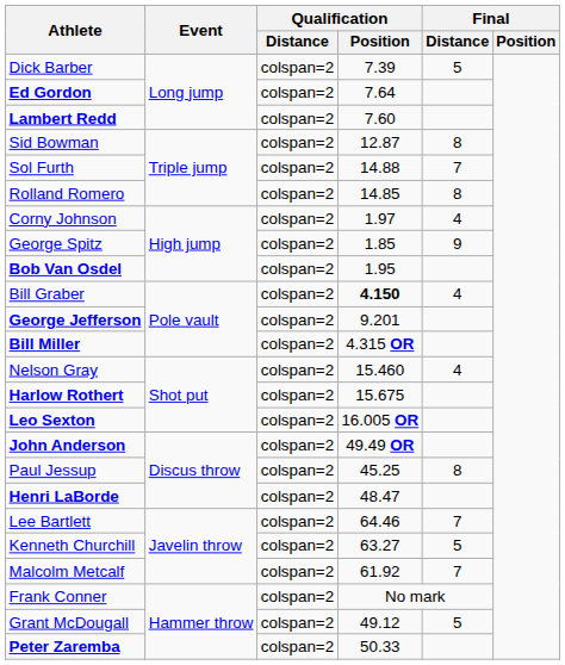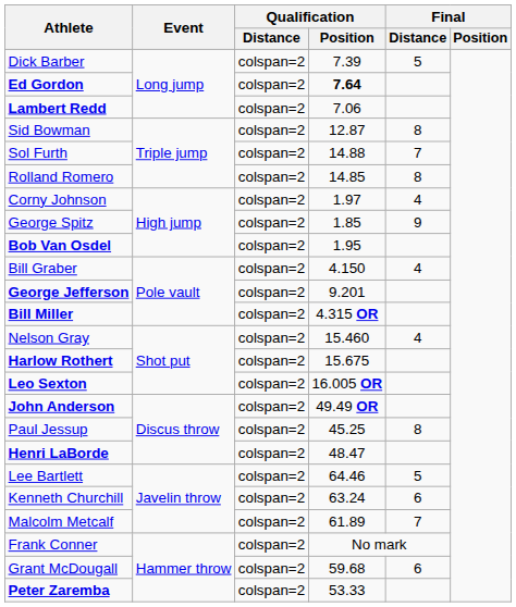 <table class=wikitable style="font-size:90%">
 <tr>
 <th rowspan=2>Athlete</th>
 <th rowspan=2>Event</th>
 <th colspan=2>Qualification</th>
 <th colspan=2>Final</th>
 </tr>
 <tr style="font-size:95%">
 <th>Distance</th>
 <th>Position</th>
 <th>Distance</th>
 <th>Position</th>
 </tr>
 <tr align=center>
 <td align=left><a href='#'>Dick Barber</a></td>
 <td align=left rowspan=3><a href='#'>Long jump</a></td>
 <td>colspan=2 </td>
 <td>7.39</td>
 <td>5</td>
 </tr>
 <tr align=center>
 <td align=left><strong><a href='#'>Ed Gordon</a></strong></td>
 <td>colspan=2 </td>
-<td>7.64</td>
+<td><strong>7.64</strong></td>
 <td></td>
 </tr>
 <tr align=center>
 <td align=left><strong><a href='#'>Lambert Redd</a></strong></td>
 <td>colspan=2 </td>
-<td>7.60</td>
+<td>7.06</td>
 <td></td>
 </tr>
 <tr align=center>
 <td align=left><a href='#'>Sid Bowman</a></td>
 <td align=left rowspan=3><a href='#'>Triple jump</a></td>
 <td>colspan=2 </td>
 <td>12.87</td>
 <td>8</td>
 </tr>
 <tr align=center>
 <td align=left><a href='#'>Sol Furth</a></td>
 <td>colspan=2 </td>
 <td>14.88</td>
 <td>7</td>
 </tr>
 <tr align=center>
 <td align=left><a href='#'>Rolland Romero</a></td>
 <td>colspan=2 </td>
 <td>14.85</td>
 <td>8</td>
 </tr>
 <tr align=center>
 <td align=left><a href='#'>Corny Johnson</a></td>
 <td align=left rowspan=3><a href='#'>High jump</a></td>
 <td>colspan=2 </td>
 <td>1.97</td>
 <td>4</td>
 </tr>
 <tr align=center>
 <td align=left><a href='#'>George Spitz</a></td>
 <td>colspan=2 </td>
 <td>1.85</td>
 <td>9</td>
 </tr>
 <tr align=center>
 <td align=left><strong><a href='#'>Bob Van Osdel</a></strong></td>
 <td>colspan=2 </td>
 <td>1.95</td>
 <td></td>
 </tr>
 <tr align=center>
 <td align=left><a href='#'>Bill Graber</a></td>
 <td align=left rowspan=3><a href='#'>Pole vault</a></td>
 <td>colspan=2 </td>
-<td><strong>4.150</strong></td>
+<td>4.150</td>
 <td>4</td>
 </tr>
 <tr align=center>
 <td align=left><strong><a href='#'>George Jefferson</a></strong></td>
 <td>colspan=2 </td>
 <td>9.201</td>
 <td></td>
 </tr>
 <tr align=center>
 <td align=left><strong><a href='#'>Bill Miller</a></strong></td>
 <td>colspan=2 </td>
 <td>4.315 <strong><a href='#'>OR</a></strong></td>
 <td></td>
 </tr>
 <tr align=center>
 <td align=left><a href='#'>Nelson Gray</a></td>
 <td align=left rowspan=3><a href='#'>Shot put</a></td>
 <td>colspan=2 </td>
 <td>15.460</td>
 <td>4</td>
 </tr>
 <tr align=center>
 <td align=left><strong><a href='#'>Harlow Rothert</a></strong></td>
 <td>colspan=2 </td>
 <td>15.675</td>
 <td></td>
 </tr>
 <tr align=center>
 <td align=left><strong><a href='#'>Leo Sexton</a></strong></td>
 <td>colspan=2 </td>
 <td>16.005 <strong><a href='#'>OR</a></strong></td>
 <td></td>
 </tr>
 <tr align=center>
 <td align=left><strong><a href='#'>John Anderson</a></strong></td>
 <td align=left rowspan=3><a href='#'>Discus throw</a></td>
 <td>colspan=2 </td>
 <td>49.49 <strong><a href='#'>OR</a></strong></td>
 <td></td>
 </tr>
 <tr align=center>
 <td align=left><a href='#'>Paul Jessup</a></td>
 <td>colspan=2 </td>
 <td>45.25</td>
 <td>8</td>
 </tr>
 <tr align=center>
 <td align=left><strong><a href='#'>Henri LaBorde</a></strong></td>
 <td>colspan=2 </td>
 <td>48.47</td>
 <td></td>
 </tr>
 <tr align=center>
 <td align=left><a href='#'>Lee Bartlett</a></td>
 <td align=left rowspan=3><a href='#'>Javelin throw</a></td>
 <td>colspan=2 </td>
 <td>64.46</td>
-<td>7</td>
+<td>5</td>
 </tr>
 <tr align=center>
 <td align=left><a href='#'>Kenneth Churchill</a></td>
 <td>colspan=2 </td>
-<td>63.27</td>
-<td>5</td>
+<td>63.24</td>
+<td>6</td>
 </tr>
 <tr align=center>
 <td align=left><a href='#'>Malcolm Metcalf</a></td>
 <td>colspan=2 </td>
-<td>61.92</td>
+<td>61.89</td>
 <td>7</td>
 </tr>
 <tr align=center>
 <td align=left><a href='#'>Frank Conner</a></td>
 <td align=left rowspan=3><a href='#'>Hammer throw</a></td>
 <td>colspan=2 </td>
 <td colspan=2>No mark</td>
 </tr>
 <tr align=center>
 <td align=left><a href='#'>Grant McDougall</a></td>
 <td>colspan=2 </td>
-<td>49.12</td>
-<td>5</td>
+<td>59.68</td>
+<td>6</td>
 </tr>
 <tr align=center>
 <td align=left><strong><a href='#'>Peter Zaremba</a></strong></td>
 <td>colspan=2 </td>
-<td>50.33</td>
+<td>53.33</td>
 <td></td>
 </tr>
 </table>
